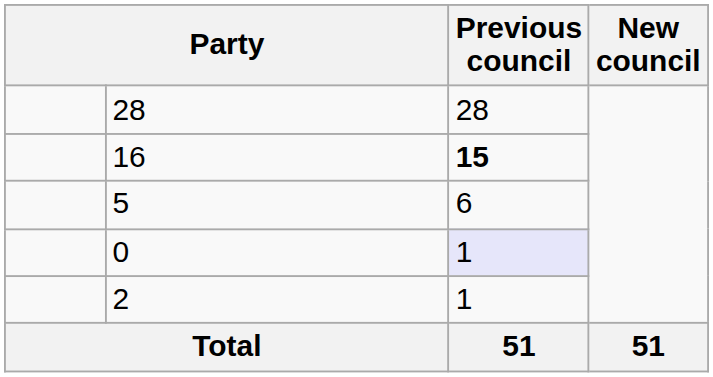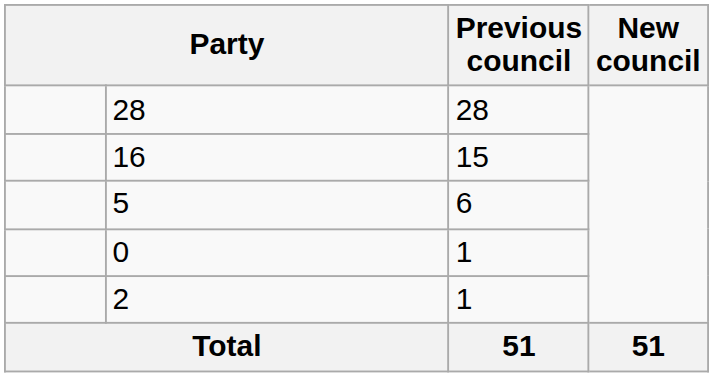 <table class="wikitable">
 <tr>
 <th valign=centre colspan="2" style="width: 230px">Party</th>
 <th valign=top style="width: 30px">Previous council</th>
 <th valign=top style="width: 30px">New council</th>
 </tr>
 <tr>
 <td></td>
 <td>28</td>
 <td>28</td>
 </tr>
 <tr>
 <td></td>
 <td>16</td>
-<td><strong>15</strong></td>
+<td>15</td>
 </tr>
 <tr>
 <td></td>
 <td>5</td>
 <td>6</td>
 </tr>
 <tr>
 <td></td>
 <td>0</td>
-<td style="background: lavender;">1</td>
+<td>1</td>
 </tr>
 <tr>
 <td></td>
 <td>2</td>
 <td>1</td>
 </tr>
 <tr>
 <th colspan=2>Total</th>
 <th style="text-align: center">51</th>
 <th colspan=3>51</th>
 </tr>
 </table>
